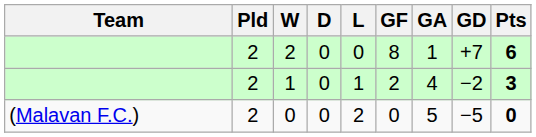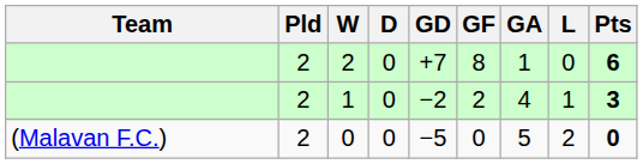 <table class="wikitable" style="text-align: center;">
 <tr>
 <th width="175">Team</th>
 <th width="20">Pld</th>
 <th width="20">W</th>
 <th width="20">D</th>
-<th width="20">L</th>
+<th width="20">GD</th>
 <th width="20">GF</th>
 <th width="20">GA</th>
-<th width="20">GD</th>
+<th width="20">L</th>
 <th width="20">Pts</th>
 </tr>
 <tr bgcolor=#ccffcc>
 <td align=left></td>
 <td>2</td>
 <td>2</td>
 <td>0</td>
-<td>0</td>
+<td>+7</td>
 <td>8</td>
 <td>1</td>
-<td>+7</td>
+<td>0</td>
 <td><strong>6</strong></td>
 </tr>
 <tr bgcolor=#ccffcc>
 <td align=left></td>
 <td>2</td>
 <td>1</td>
 <td>0</td>
-<td>1</td>
+<td>−2</td>
 <td>2</td>
 <td>4</td>
-<td>−2</td>
+<td>1</td>
 <td><strong>3</strong></td>
 </tr>
 <tr>
 <td align=left> (<a href='#'>Malavan F.C.</a>)</td>
 <td>2</td>
 <td>0</td>
 <td>0</td>
-<td>2</td>
+<td>−5</td>
 <td>0</td>
 <td>5</td>
-<td>−5</td>
+<td>2</td>
 <td><strong>0</strong></td>
 </tr>
 </table>
